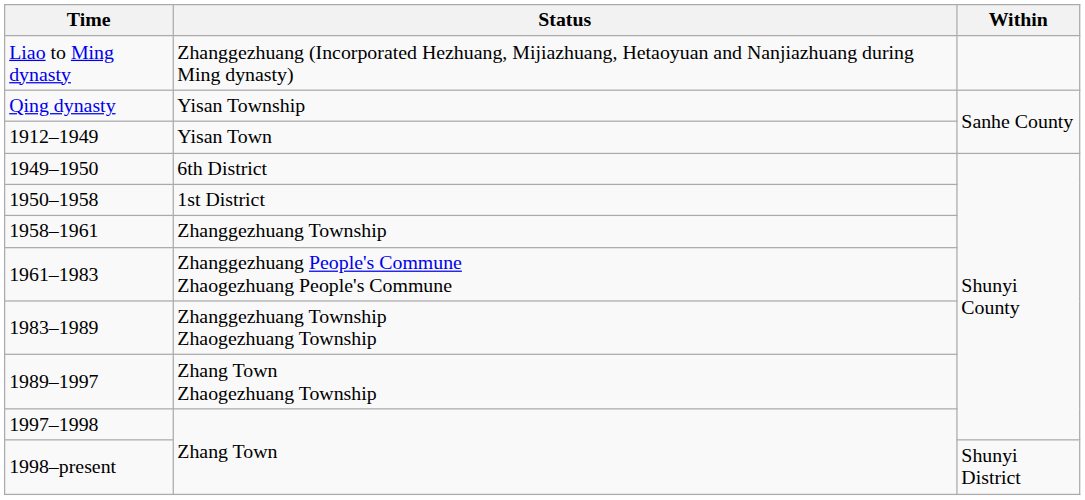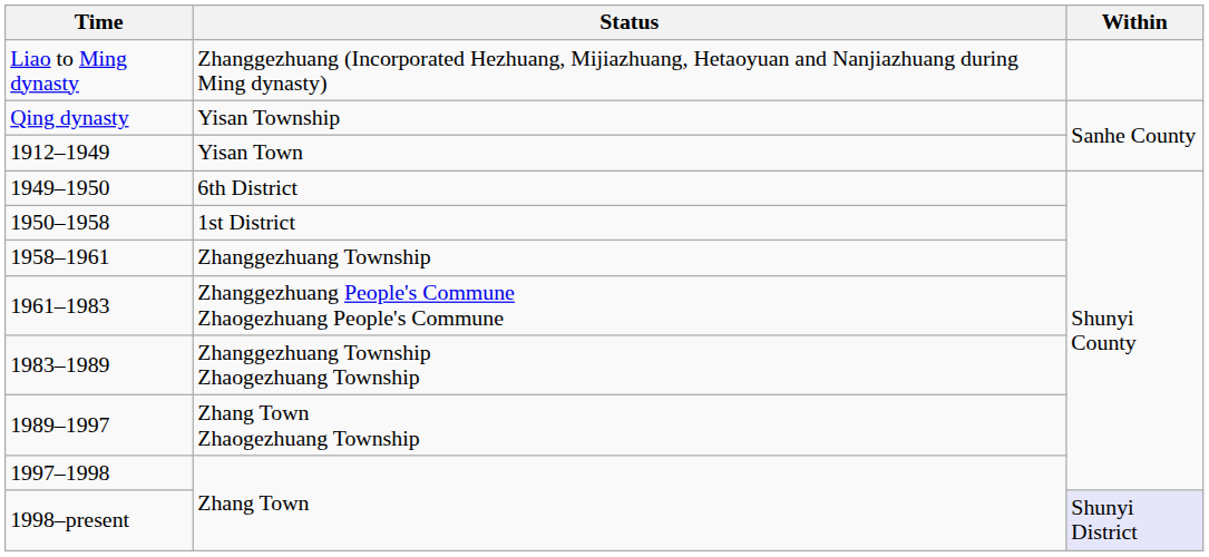 <table class="wikitable">
 <tr>
 <th>Time</th>
 <th>Status</th>
 <th>Within</th>
 </tr>
 <tr>
 <td><a href='#'>Liao</a> to <a href='#'>Ming dynasty</a></td>
 <td>Zhanggezhuang (Incorporated Hezhuang, Mijiazhuang, Hetaoyuan and Nanjiazhuang during Ming dynasty)</td>
 <td></td>
 </tr>
 <tr>
 <td><a href='#'>Qing dynasty</a></td>
 <td>Yisan Township</td>
 <td rowspan="2">Sanhe County</td>
 </tr>
 <tr>
 <td>1912–1949</td>
 <td>Yisan Town</td>
 </tr>
 <tr>
 <td>1949–1950</td>
 <td>6th District</td>
 <td rowspan="7">Shunyi County</td>
 </tr>
 <tr>
 <td>1950–1958</td>
 <td>1st District</td>
 </tr>
 <tr>
 <td>1958–1961</td>
 <td>Zhanggezhuang Township</td>
 </tr>
 <tr>
 <td>1961–1983</td>
 <td>Zhanggezhuang <a href='#'>People's Commune</a><br>Zhaogezhuang People's Commune</td>
 </tr>
 <tr>
 <td>1983–1989</td>
 <td>Zhanggezhuang Township<br>Zhaogezhuang Township</td>
 </tr>
 <tr>
 <td>1989–1997</td>
 <td>Zhang Town<br>Zhaogezhuang Township</td>
 </tr>
 <tr>
 <td>1997–1998</td>
 <td rowspan="2">Zhang Town</td>
 </tr>
 <tr>
 <td>1998–present</td>
-<td>Shunyi District</td>
+<td style="background: lavender;">Shunyi District</td>
 </tr>
 </table>
